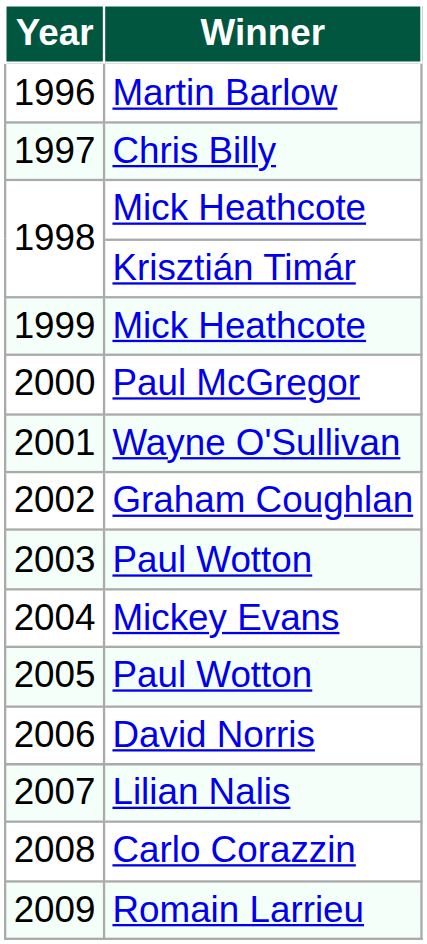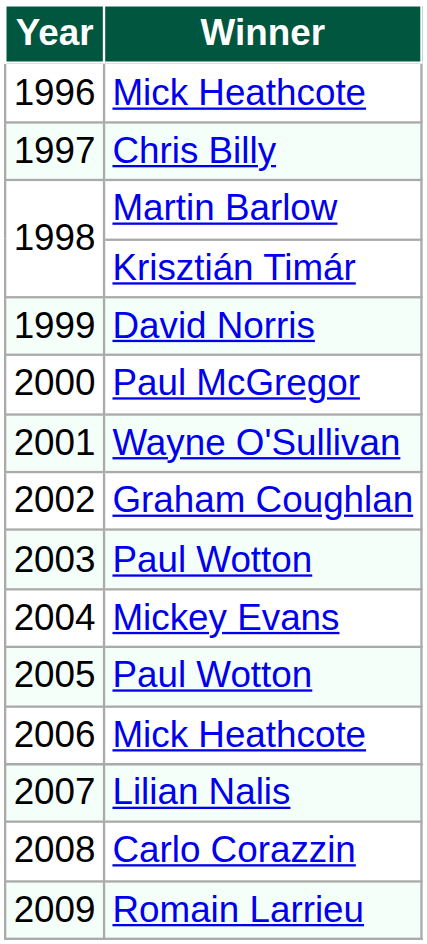 <table class="wikitable" style="background:#fff; text-align:left;">
 <tr>
 <th style="background-color:#00563F; color:white; border:1px solid white;" scope="col">Year</th>
 <th style="background-color:#00563F; color:white; border:1px solid white;" scope="col">Winner</th>
 </tr>
 <tr>
 <td>1996</td>
-<td> <a href='#'>Martin Barlow</a></td>
+<td> <a href='#'>Mick Heathcote</a></td>
 </tr>
 <tr style="background:#f5fffa;">
 <td>1997</td>
 <td> <a href='#'>Chris Billy</a></td>
 </tr>
 <tr>
 <td rowspan="2">1998</td>
-<td> <a href='#'>Mick Heathcote</a></td>
+<td> <a href='#'>Martin Barlow</a></td>
 </tr>
 <tr>
 <td> <a href='#'>Krisztián Timár</a></td>
 </tr>
 <tr style="background:#f5fffa;">
 <td>1999</td>
-<td> <a href='#'>Mick Heathcote</a></td>
+<td> <a href='#'>David Norris</a></td>
 </tr>
 <tr>
 <td>2000</td>
 <td> <a href='#'>Paul McGregor</a></td>
 </tr>
 <tr style="background:#f5fffa;">
 <td>2001</td>
 <td> <a href='#'>Wayne O'Sullivan</a></td>
 </tr>
 <tr>
 <td>2002</td>
 <td> <a href='#'>Graham Coughlan</a></td>
 </tr>
 <tr style="background:#f5fffa;">
 <td>2003</td>
 <td> <a href='#'>Paul Wotton</a></td>
 </tr>
 <tr>
 <td>2004</td>
 <td> <a href='#'>Mickey Evans</a></td>
 </tr>
 <tr style="background:#f5fffa;">
 <td>2005</td>
 <td> <a href='#'>Paul Wotton</a></td>
 </tr>
 <tr>
 <td>2006</td>
-<td> <a href='#'>David Norris</a></td>
+<td> <a href='#'>Mick Heathcote</a></td>
 </tr>
 <tr>
 </tr>
 <tr style="background:#f5fffa;">
 <td>2007</td>
 <td> <a href='#'>Lilian Nalis</a></td>
 </tr>
 <tr>
 <td>2008</td>
 <td> <a href='#'>Carlo Corazzin</a></td>
 </tr>
 <tr style="background:#f5fffa;">
 <td>2009</td>
 <td> <a href='#'>Romain Larrieu</a></td>
 </tr>
 <tr>
 </tr>
 </table>
